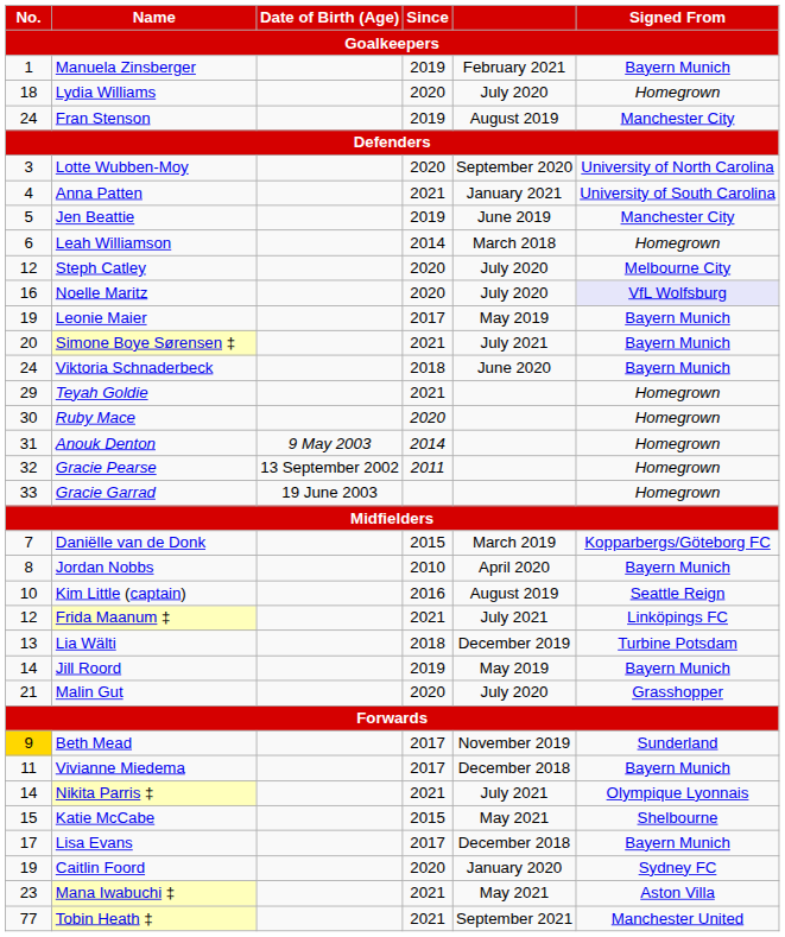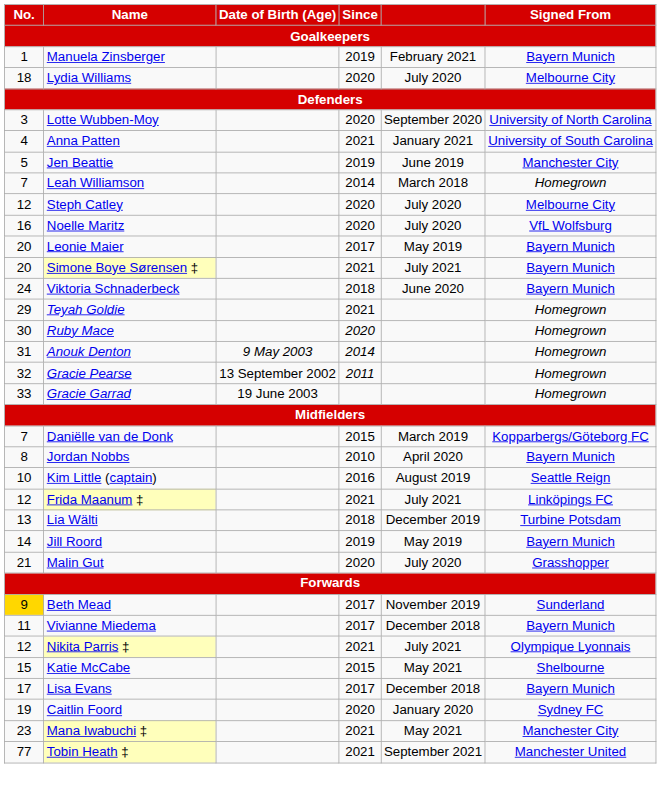 <table class="wikitable" style="text-align:center; font-size:100%; ">
 <tr>
 <th style="background:#d50000; color:white; text-align:center; width:40px">No.</th>
 <th style="background:#d50000; color:white; text-align:center;width:200px">Name</th>
 <th style="background:#d50000; color:white; text-align:center;">Date of Birth (Age)</th>
 <th style="background:#d50000; color:white; text-align:center;">Since</th>
 <th style="background:#d50000; color:white; text-align:center;"></th>
 <th style="background:#d50000; color:white; text-align:center;">Signed From</th>
 </tr>
 <tr>
 <th colspan="6" style="background:#d50000; color:white; text-align:center">Goalkeepers</th>
 </tr>
 <tr>
 <td>1</td>
 <td style="text-align: left"> <a href='#'>Manuela Zinsberger</a></td>
 <td></td>
 <td>2019</td>
 <td>February 2021</td>
 <td> <a href='#'>Bayern Munich</a></td>
 </tr>
 <tr>
 <td>18</td>
 <td style="text-align: left"> <a href='#'>Lydia Williams</a></td>
 <td></td>
 <td>2020</td>
 <td>July 2020</td>
-<td><em>Homegrown</em></td>
-</tr>
-<tr>
-<td>24</td>
-<td style="text-align: left"> <a href='#'>Fran Stenson</a></td>
-<td></td>
-<td>2019</td>
-<td>August 2019</td>
-<td> <a href='#'>Manchester City</a></td>
+<td> <a href='#'>Melbourne City</a></td>
 </tr>
 <tr>
 <th colspan="6" style="background:#d50000; color:white; text-align:center">Defenders</th>
 </tr>
 <tr>
 <td>3</td>
 <td style="text-align: left"> <a href='#'>Lotte Wubben-Moy</a></td>
 <td></td>
 <td>2020</td>
 <td>September 2020</td>
 <td> <a href='#'>University of North Carolina</a></td>
 </tr>
 <tr>
 <td>4</td>
 <td style="text-align: left"> <a href='#'>Anna Patten</a></td>
 <td></td>
 <td>2021</td>
 <td>January 2021</td>
 <td> <a href='#'>University of South Carolina</a></td>
 </tr>
 <tr>
 <td>5</td>
 <td style="text-align: left"> <a href='#'>Jen Beattie</a></td>
 <td></td>
 <td>2019</td>
 <td>June 2019</td>
 <td> <a href='#'>Manchester City</a></td>
 </tr>
 <tr>
-<td>6</td>
+<td>7</td>
 <td style="text-align: left"> <a href='#'>Leah Williamson</a></td>
 <td></td>
 <td>2014</td>
 <td>March 2018</td>
 <td><em>Homegrown</em></td>
 </tr>
 <tr>
 <td>12</td>
 <td style="text-align: left"> <a href='#'>Steph Catley</a></td>
 <td></td>
 <td>2020</td>
 <td>July 2020</td>
 <td> <a href='#'>Melbourne City</a></td>
 </tr>
 <tr>
 <td>16</td>
 <td style="text-align: left"> <a href='#'>Noelle Maritz</a></td>
 <td></td>
 <td>2020</td>
 <td>July 2020</td>
-<td style="background: lavender;"> <a href='#'>VfL Wolfsburg</a></td>
+<td> <a href='#'>VfL Wolfsburg</a></td>
 </tr>
 <tr>
-<td>19</td>
+<td>20</td>
 <td style="text-align: left"> <a href='#'>Leonie Maier</a></td>
 <td></td>
 <td>2017</td>
 <td>May 2019</td>
 <td> <a href='#'>Bayern Munich</a></td>
 </tr>
 <tr>
 <td>20</td>
 <td style="background:#ffb; text-align: left"> <a href='#'>Simone Boye Sørensen</a> ‡</td>
 <td></td>
 <td>2021</td>
 <td>July 2021</td>
 <td> <a href='#'>Bayern Munich</a></td>
 </tr>
 <tr>
 <td>24</td>
 <td style="text-align: left"> <a href='#'>Viktoria Schnaderbeck</a></td>
 <td></td>
 <td>2018</td>
 <td>June 2020</td>
 <td> <a href='#'>Bayern Munich</a></td>
 </tr>
 <tr>
 <td>29</td>
 <td style="text-align: left"><em> <a href='#'>Teyah Goldie</a></em></td>
 <td></td>
 <td>2021</td>
 <td></td>
 <td><em>Homegrown</em></td>
 </tr>
 <tr>
 <td>30</td>
 <td style="text-align: left"><em> <a href='#'>Ruby Mace</a></em></td>
 <td></td>
 <td><em>2020</em></td>
 <td></td>
 <td><em>Homegrown</em></td>
 </tr>
 <tr>
 <td>31</td>
 <td style="text-align: left"><em> <a href='#'>Anouk Denton</a></em></td>
 <td><em>9 May 2003</em></td>
 <td><em>2014</em></td>
 <td></td>
 <td><em>Homegrown</em></td>
 </tr>
 <tr>
 <td>32</td>
 <td style="text-align: left"><em> <a href='#'>Gracie Pearse</a></em></td>
 <td>13 September 2002</td>
 <td><em>2011</em></td>
 <td></td>
 <td><em>Homegrown</em></td>
 </tr>
 <tr>
 <td>33</td>
 <td style="text-align: left"><em> <a href='#'>Gracie Garrad</a></em></td>
 <td>19 June 2003</td>
 <td></td>
 <td></td>
 <td><em>Homegrown</em></td>
 </tr>
 <tr>
 <th colspan="6" style="background:#d50000; color:white; text-align:center">Midfielders</th>
 </tr>
 <tr>
 <td>7</td>
 <td style="text-align: left"> <a href='#'>Daniëlle van de Donk</a></td>
 <td></td>
 <td>2015</td>
 <td>March 2019</td>
 <td> <a href='#'>Kopparbergs/Göteborg FC</a></td>
 </tr>
 <tr>
 <td>8</td>
 <td style="text-align: left"> <a href='#'>Jordan Nobbs</a></td>
 <td></td>
 <td>2010</td>
 <td>April 2020</td>
 <td> <a href='#'>Bayern Munich</a></td>
 </tr>
 <tr>
 <td>10</td>
 <td style="text-align: left"> <a href='#'>Kim Little</a> (<a href='#'>captain</a>)</td>
 <td></td>
 <td>2016</td>
 <td>August 2019</td>
 <td> <a href='#'>Seattle Reign</a></td>
 </tr>
 <tr>
 <td>12</td>
 <td style="background:#ffb; text-align: left"> <a href='#'>Frida Maanum</a> ‡</td>
 <td></td>
 <td>2021</td>
 <td>July 2021</td>
 <td> <a href='#'>Linköpings FC</a></td>
 </tr>
 <tr>
 <td>13</td>
 <td style="text-align: left"> <a href='#'>Lia Wälti</a></td>
 <td></td>
 <td>2018</td>
 <td>December 2019</td>
 <td> <a href='#'>Turbine Potsdam</a></td>
 </tr>
 <tr>
 <td>14</td>
 <td style="text-align: left"> <a href='#'>Jill Roord</a></td>
 <td></td>
 <td>2019</td>
 <td>May 2019</td>
 <td> <a href='#'>Bayern Munich</a></td>
 </tr>
 <tr>
 <td>21</td>
 <td style="text-align: left"> <a href='#'>Malin Gut</a></td>
 <td></td>
 <td>2020</td>
 <td>July 2020</td>
 <td> <a href='#'>Grasshopper</a></td>
 </tr>
 <tr>
 <th colspan="6" style="background:#d50000; color:white; text-align:center">Forwards</th>
 </tr>
 <tr>
 <td style="background: gold;">9</td>
 <td style="text-align: left"> <a href='#'>Beth Mead</a></td>
 <td></td>
 <td>2017</td>
 <td>November 2019</td>
 <td> <a href='#'>Sunderland</a></td>
 </tr>
 <tr>
 <td>11</td>
 <td style="text-align: left"> <a href='#'>Vivianne Miedema</a></td>
 <td></td>
 <td>2017</td>
 <td>December 2018</td>
 <td> <a href='#'>Bayern Munich</a></td>
 </tr>
 <tr>
-<td>14</td>
+<td>12</td>
 <td style="background:#ffb; text-align: left"> <a href='#'>Nikita Parris</a> ‡</td>
 <td></td>
 <td>2021</td>
 <td>July 2021</td>
 <td> <a href='#'>Olympique Lyonnais</a></td>
 </tr>
 <tr>
 <td>15</td>
 <td style="text-align: left"> <a href='#'>Katie McCabe</a></td>
 <td></td>
 <td>2015</td>
 <td>May 2021</td>
 <td> <a href='#'>Shelbourne</a></td>
 </tr>
 <tr>
 <td>17</td>
 <td style="text-align: left"> <a href='#'>Lisa Evans</a></td>
 <td></td>
 <td>2017</td>
 <td>December 2018</td>
 <td> <a href='#'>Bayern Munich</a></td>
 </tr>
 <tr>
 <td>19</td>
 <td style="text-align: left"> <a href='#'>Caitlin Foord</a></td>
 <td></td>
 <td>2020</td>
 <td>January 2020</td>
 <td> <a href='#'>Sydney FC</a></td>
 </tr>
 <tr>
 <td>23</td>
 <td style="background:#ffb; text-align: left"> <a href='#'>Mana Iwabuchi</a> ‡</td>
 <td></td>
 <td>2021</td>
 <td>May 2021</td>
-<td> <a href='#'>Aston Villa</a></td>
+<td> <a href='#'>Manchester City</a></td>
 </tr>
 <tr>
 <td>77</td>
 <td style="background:#ffb; text-align: left"> <a href='#'>Tobin Heath</a> ‡</td>
 <td></td>
 <td>2021</td>
 <td>September 2021</td>
 <td> <a href='#'>Manchester United</a></td>
 </tr>
 </table>
